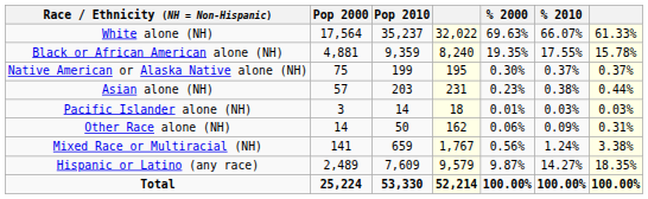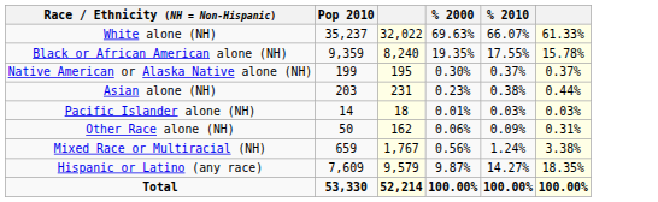 <table class="wikitable" style="text-align:center;">
 <tr>
 <th>Race / Ethnicity <small>(<em>NH = Non-Hispanic</em>)</small></th>
-<th>Pop 2000</th>
 <th>Pop 2010</th>
 <th></th>
 <th>% 2000</th>
 <th>% 2010</th>
 <th></th>
 </tr>
 <tr>
 <td><a href='#'>White</a> alone (NH)</td>
-<td>17,564</td>
 <td>35,237</td>
 <td style='background: #ffffe6;'>32,022</td>
 <td>69.63%</td>
 <td>66.07%</td>
 <td style='background: #ffffe6;'>61.33%</td>
 </tr>
 <tr>
 <td><a href='#'>Black or African American</a> alone (NH)</td>
-<td>4,881</td>
 <td>9,359</td>
 <td style='background: #ffffe6;'>8,240</td>
 <td>19.35%</td>
 <td>17.55%</td>
 <td style='background: #ffffe6;'>15.78%</td>
 </tr>
 <tr>
 <td><a href='#'>Native American</a> or <a href='#'>Alaska Native</a> alone (NH)</td>
-<td>75</td>
 <td>199</td>
 <td style='background: #ffffe6;'>195</td>
 <td>0.30%</td>
 <td>0.37%</td>
 <td style='background: #ffffe6;'>0.37%</td>
 </tr>
 <tr>
 <td><a href='#'>Asian</a> alone (NH)</td>
-<td>57</td>
 <td>203</td>
 <td style='background: #ffffe6;'>231</td>
 <td>0.23%</td>
 <td>0.38%</td>
 <td style='background: #ffffe6;'>0.44%</td>
 </tr>
 <tr>
 <td><a href='#'>Pacific Islander</a> alone (NH)</td>
-<td>3</td>
 <td>14</td>
 <td style='background: #ffffe6;'>18</td>
 <td>0.01%</td>
 <td>0.03%</td>
 <td style='background: #ffffe6;'>0.03%</td>
 </tr>
 <tr>
 <td><a href='#'>Other Race</a> alone (NH)</td>
-<td>14</td>
 <td>50</td>
 <td style='background: #ffffe6;'>162</td>
 <td>0.06%</td>
 <td>0.09%</td>
 <td style='background: #ffffe6;'>0.31%</td>
 </tr>
 <tr>
 <td><a href='#'>Mixed Race or Multiracial</a> (NH)</td>
-<td>141</td>
 <td>659</td>
 <td style='background: #ffffe6;'>1,767</td>
 <td>0.56%</td>
 <td>1.24%</td>
 <td style='background: #ffffe6;'>3.38%</td>
 </tr>
 <tr>
 <td><a href='#'>Hispanic or Latino</a> (any race)</td>
-<td>2,489</td>
 <td>7,609</td>
 <td style='background: #ffffe6;'>9,579</td>
 <td>9.87%</td>
 <td>14.27%</td>
 <td style='background: #ffffe6;'>18.35%</td>
 </tr>
 <tr>
 <td><strong>Total</strong></td>
-<td><strong>25,224</strong></td>
 <td><strong>53,330</strong></td>
 <td style='background: #ffffe6;'><strong>52,214</strong></td>
 <td><strong>100.00%</strong></td>
 <td><strong>100.00%</strong></td>
 <td style='background: #ffffe6;'><strong>100.00%</strong></td>
 </tr>
 </table>
